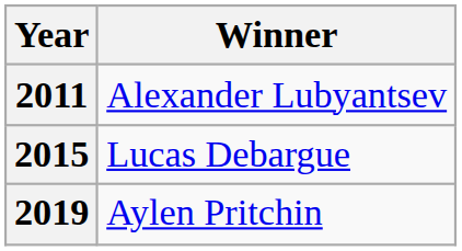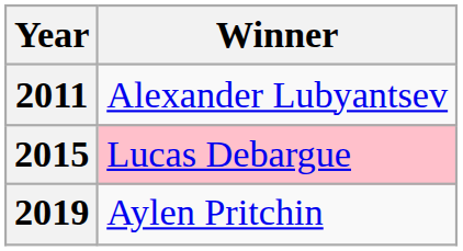 <table class="wikitable">
 <tr>
 <th>Year</th>
 <th>Winner</th>
 </tr>
 <tr>
 <th>2011</th>
 <td> <a href='#'>Alexander Lubyantsev</a></td>
 </tr>
 <tr>
 <th>2015</th>
-<td> <a href='#'>Lucas Debargue</a></td>
+<td style="background: pink;"> <a href='#'>Lucas Debargue</a></td>
 </tr>
 <tr>
 <th>2019</th>
 <td> <a href='#'>Aylen Pritchin</a></td>
 </tr>
 </table>
